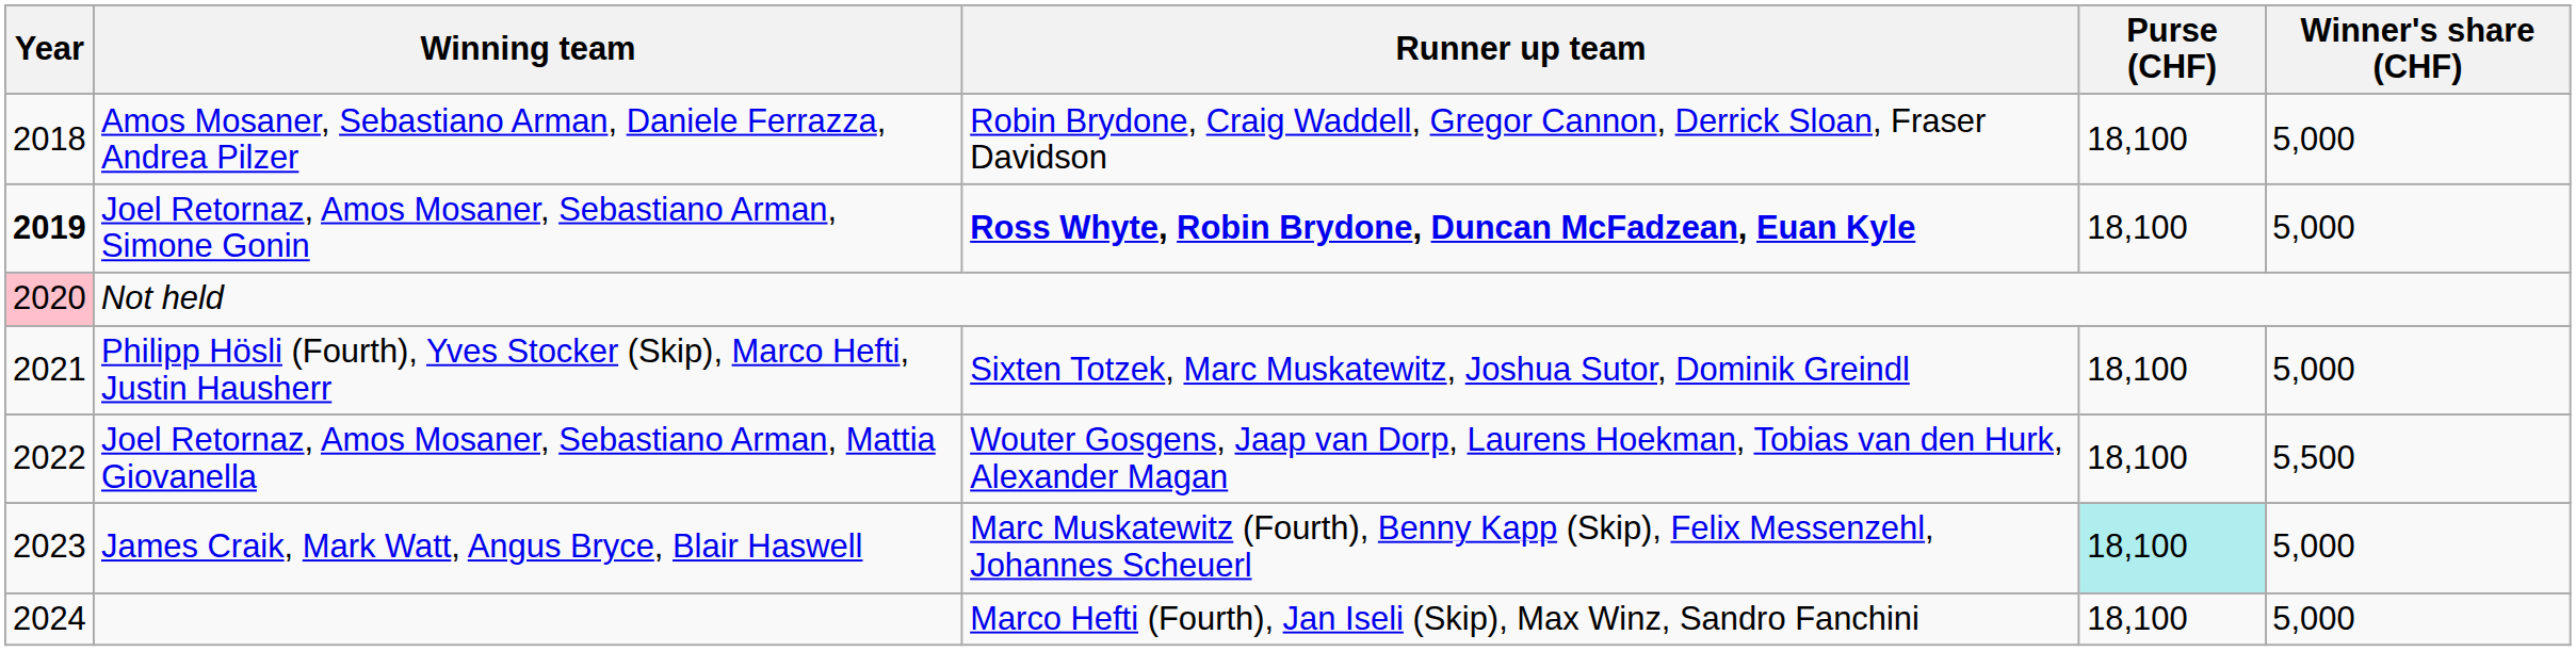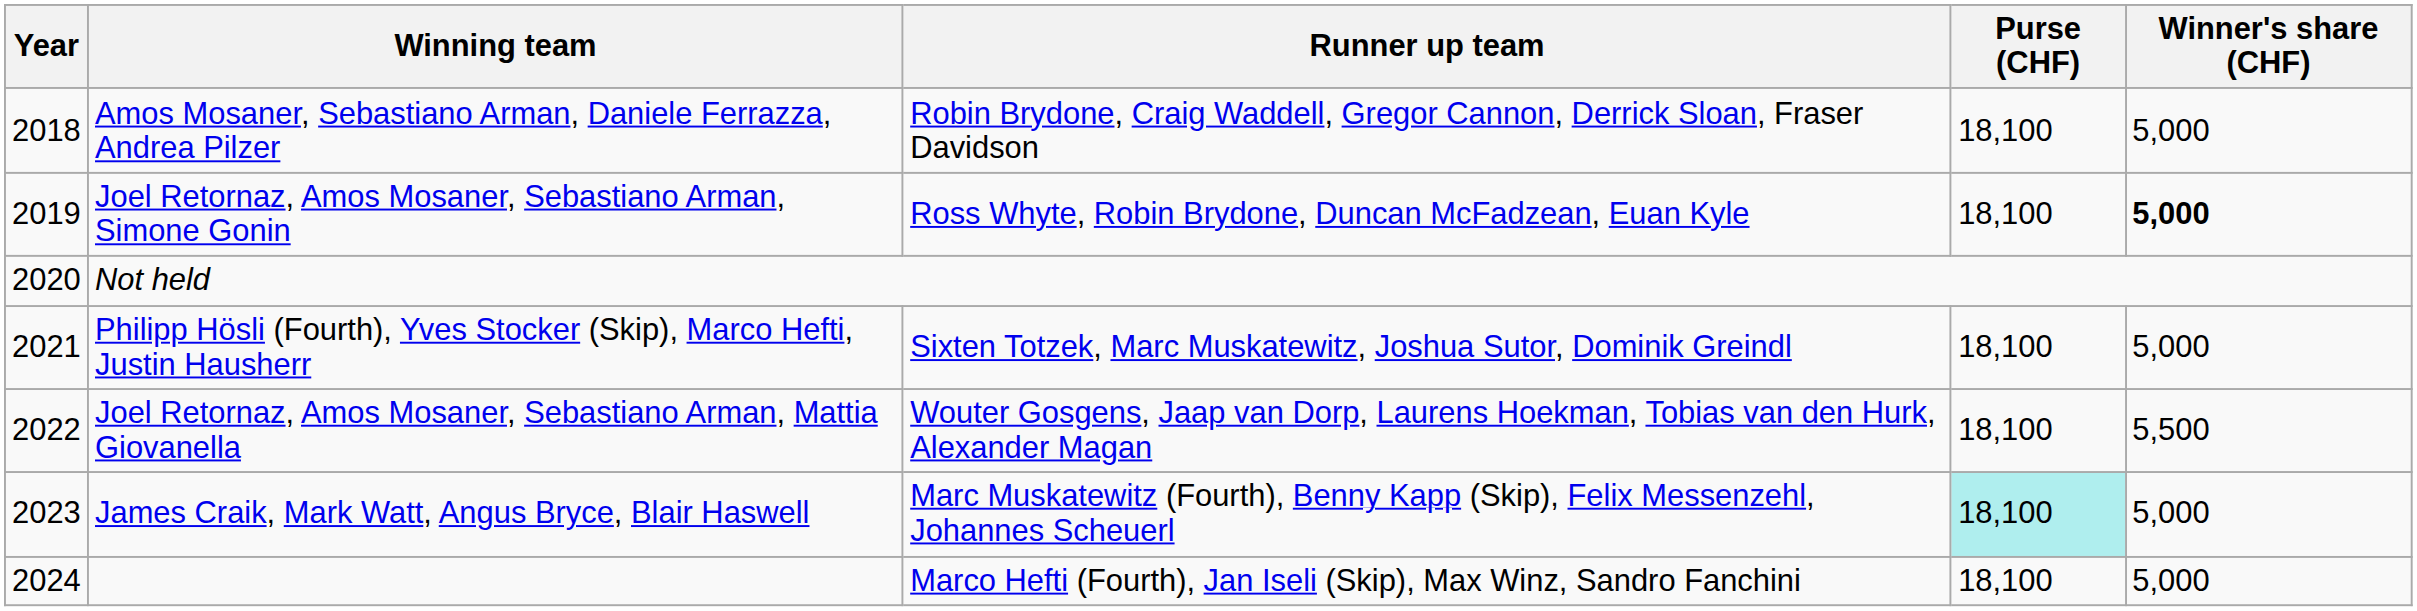 <table class="wikitable">
 <tr>
 <th scope="col">Year</th>
 <th scope="col">Winning team</th>
 <th scope="col">Runner up team</th>
 <th scope="col">Purse (CHF)</th>
 <th scope="col">Winner's share (CHF)</th>
 </tr>
 <tr>
 <td>2018</td>
 <td> <a href='#'>Amos Mosaner</a>, <a href='#'>Sebastiano Arman</a>, <a href='#'>Daniele Ferrazza</a>, <a href='#'>Andrea Pilzer</a></td>
 <td> <a href='#'>Robin Brydone</a>, <a href='#'>Craig Waddell</a>, <a href='#'>Gregor Cannon</a>, <a href='#'>Derrick Sloan</a>, Fraser Davidson</td>
 <td>18,100</td>
 <td>5,000</td>
 </tr>
 <tr>
-<td><strong>2019</strong></td>
+<td>2019</td>
 <td> <a href='#'>Joel Retornaz</a>, <a href='#'>Amos Mosaner</a>, <a href='#'>Sebastiano Arman</a>, <a href='#'>Simone Gonin</a></td>
-<td><strong> <a href='#'>Ross Whyte</a>, <a href='#'>Robin Brydone</a>, <a href='#'>Duncan McFadzean</a>, <a href='#'>Euan Kyle</a></strong></td>
+<td> <a href='#'>Ross Whyte</a>, <a href='#'>Robin Brydone</a>, <a href='#'>Duncan McFadzean</a>, <a href='#'>Euan Kyle</a></td>
 <td>18,100</td>
-<td>5,000</td>
+<td><strong>5,000</strong></td>
 </tr>
 <tr>
-<td style="background: pink;">2020</td>
+<td>2020</td>
 <td colspan="4"><em>Not held</em></td>
 </tr>
 <tr>
 <td>2021</td>
 <td> <a href='#'>Philipp Hösli</a> (Fourth), <a href='#'>Yves Stocker</a> (Skip), <a href='#'>Marco Hefti</a>, <a href='#'>Justin Hausherr</a></td>
 <td> <a href='#'>Sixten Totzek</a>, <a href='#'>Marc Muskatewitz</a>, <a href='#'>Joshua Sutor</a>, <a href='#'>Dominik Greindl</a></td>
 <td>18,100</td>
 <td>5,000</td>
 </tr>
 <tr>
 <td>2022</td>
 <td> <a href='#'>Joel Retornaz</a>, <a href='#'>Amos Mosaner</a>, <a href='#'>Sebastiano Arman</a>, <a href='#'>Mattia Giovanella</a></td>
 <td> <a href='#'>Wouter Gosgens</a>, <a href='#'>Jaap van Dorp</a>, <a href='#'>Laurens Hoekman</a>, <a href='#'>Tobias van den Hurk</a>, <a href='#'>Alexander Magan</a></td>
 <td>18,100</td>
 <td>5,500</td>
 </tr>
 <tr>
 <td>2023</td>
 <td> <a href='#'>James Craik</a>, <a href='#'>Mark Watt</a>, <a href='#'>Angus Bryce</a>, <a href='#'>Blair Haswell</a></td>
 <td> <a href='#'>Marc Muskatewitz</a> (Fourth), <a href='#'>Benny Kapp</a> (Skip), <a href='#'>Felix Messenzehl</a>, <a href='#'>Johannes Scheuerl</a></td>
 <td style="background: paleturquoise;">18,100</td>
 <td>5,000</td>
 </tr>
 <tr>
 <td>2024</td>
 <td></td>
 <td> <a href='#'>Marco Hefti</a> (Fourth), <a href='#'>Jan Iseli</a> (Skip), Max Winz, Sandro Fanchini</td>
 <td>18,100</td>
 <td>5,000</td>
 </tr>
 </table>
